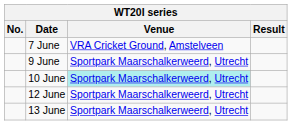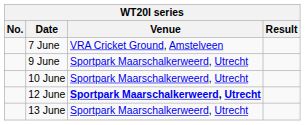 <table class="wikitable">
 <tr>
 <th colspan="5">WT20I series</th>
 </tr>
 <tr>
 <th>No.</th>
 <th>Date</th>
 <th>Venue</th>
 <th>Result</th>
 </tr>
 <tr>
 <td></td>
 <td>7 June</td>
 <td><a href='#'>VRA Cricket Ground</a>, <a href='#'>Amstelveen</a></td>
 <td></td>
 </tr>
 <tr>
 <td></td>
 <td>9 June</td>
 <td><a href='#'>Sportpark Maarschalkerweerd</a>, <a href='#'>Utrecht</a></td>
 <td></td>
 </tr>
 <tr>
 <td></td>
 <td>10 June</td>
-<td style="background: paleturquoise;"><a href='#'>Sportpark Maarschalkerweerd</a>, <a href='#'>Utrecht</a></td>
+<td><a href='#'>Sportpark Maarschalkerweerd</a>, <a href='#'>Utrecht</a></td>
 <td></td>
 </tr>
 <tr>
 <td></td>
 <td>12 June</td>
-<td><a href='#'>Sportpark Maarschalkerweerd</a>, <a href='#'>Utrecht</a></td>
+<td><strong><a href='#'>Sportpark Maarschalkerweerd</a>, <a href='#'>Utrecht</a></strong></td>
 <td></td>
 </tr>
 <tr>
 <td></td>
 <td>13 June</td>
 <td><a href='#'>Sportpark Maarschalkerweerd</a>, <a href='#'>Utrecht</a></td>
 <td></td>
 </tr>
 </table>
